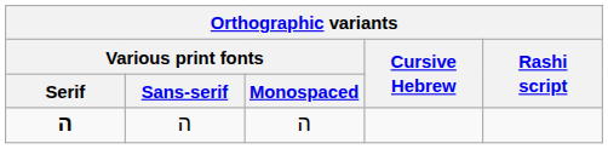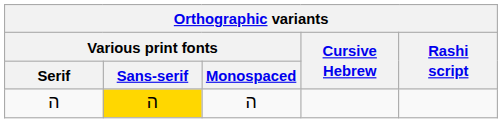 <table class=wikitable style="text-align:center;">
 <tr>
 <th colspan=5><small><a href='#'>Orthographic</a> variants</small></th>
 </tr>
 <tr>
 <th colspan=3><small>Various print fonts</small></th>
 <th rowspan=2><small><a href='#'>Cursive<br>Hebrew</a></small></th>
 <th rowspan=2><small><a href='#'>Rashi<br>script</a></small></th>
 </tr>
 <tr>
 <th><small>Serif</small></th>
 <th><small><a href='#'>Sans-serif</a></small></th>
 <th><small><a href='#'>Monospaced</a></small></th>
 </tr>
 <tr>
-<td width=20%><strong><span>ה</span></strong></td>
 <td width=20%><span>ה</span></td>
+<td width=20% style="background: gold;"><span>ה</span></td>
 <td width=20%><span>ה</span></td>
 <td width=20%></td>
 <td width=20%></td>
 </tr>
 </table>
